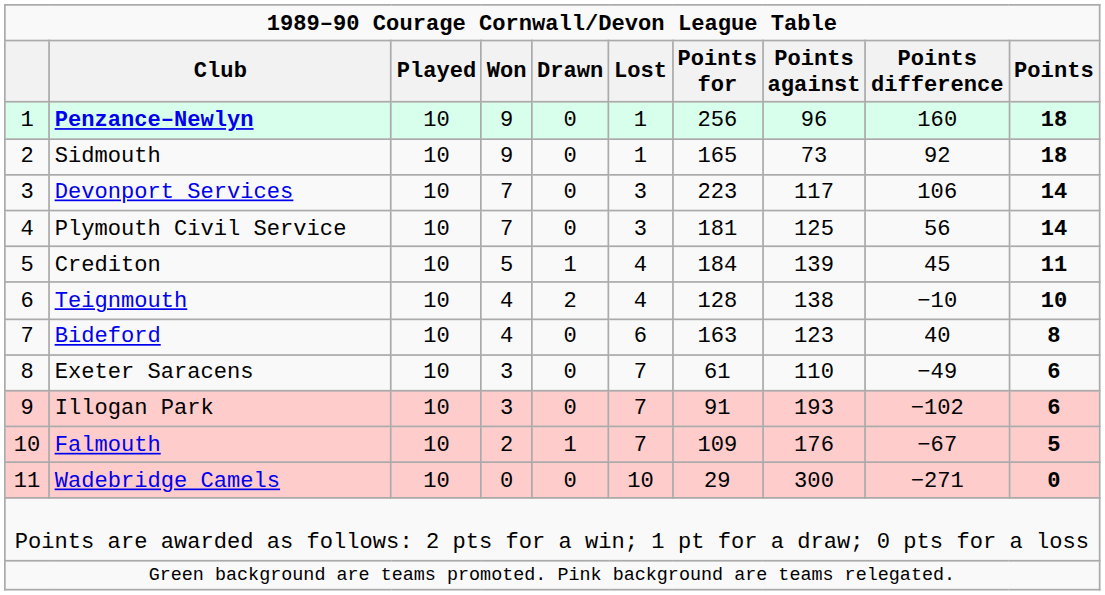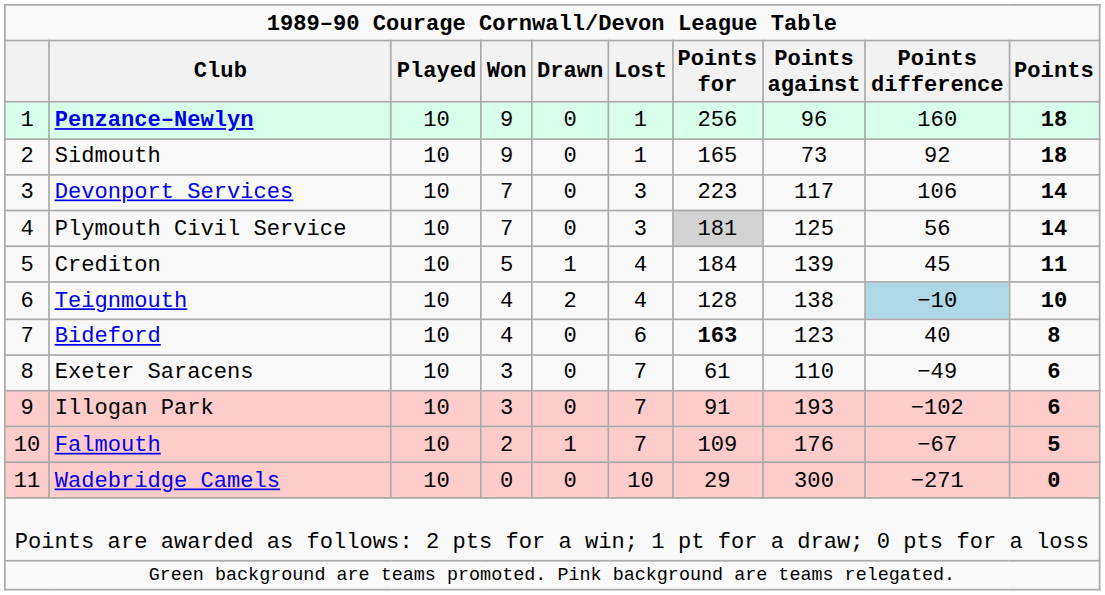 <table class="wikitable" style="text-align: center;">
 <tr>
 <td colspan="15" cellpadding="0" cellspacing="0"><strong>1989–90 Courage Cornwall/Devon League Table</strong></td>
 </tr>
 <tr>
 <th bgcolor="#efefef" width="20"></th>
 <th bgcolor="#efefef" width="195">Club</th>
 <th bgcolor="#efefef" width="20">Played</th>
 <th bgcolor="#efefef" width="20">Won</th>
 <th bgcolor="#efefef" width="20">Drawn</th>
 <th bgcolor="#efefef" width="20">Lost</th>
 <th bgcolor="#efefef" width="20">Points for</th>
 <th bgcolor="#efefef" width="20">Points against</th>
 <th bgcolor="#efefef" width="20">Points difference</th>
 <th bgcolor="#efefef" width="20">Points</th>
 </tr>
 <tr bgcolor=#d8ffeb align=center>
 <td>1</td>
 <td align=left><strong><a href='#'>Penzance–Newlyn</a></strong></td>
 <td>10</td>
 <td>9</td>
 <td>0</td>
 <td>1</td>
 <td>256</td>
 <td>96</td>
 <td>160</td>
 <td><strong>18</strong></td>
 </tr>
 <tr align=center>
 <td>2</td>
 <td align=left>Sidmouth</td>
 <td>10</td>
 <td>9</td>
 <td>0</td>
 <td>1</td>
 <td>165</td>
 <td>73</td>
 <td>92</td>
 <td><strong>18</strong></td>
 </tr>
 <tr>
 <td>3</td>
 <td align=left><a href='#'>Devonport Services</a></td>
 <td>10</td>
 <td>7</td>
 <td>0</td>
 <td>3</td>
 <td>223</td>
 <td>117</td>
 <td>106</td>
 <td><strong>14</strong></td>
 </tr>
 <tr>
 <td>4</td>
 <td align=left>Plymouth Civil Service</td>
 <td>10</td>
 <td>7</td>
 <td>0</td>
 <td>3</td>
-<td>181</td>
+<td style="background: lightgrey;">181</td>
 <td>125</td>
 <td>56</td>
 <td><strong>14</strong></td>
 </tr>
 <tr>
 <td>5</td>
 <td align=left>Crediton</td>
 <td>10</td>
 <td>5</td>
 <td>1</td>
 <td>4</td>
 <td>184</td>
 <td>139</td>
 <td>45</td>
 <td><strong>11</strong></td>
 </tr>
 <tr>
 <td>6</td>
 <td align=left><a href='#'>Teignmouth</a></td>
 <td>10</td>
 <td>4</td>
 <td>2</td>
 <td>4</td>
 <td>128</td>
 <td>138</td>
-<td>−10</td>
+<td style="background: lightblue;">−10</td>
 <td><strong>10</strong></td>
 </tr>
 <tr>
 <td>7</td>
 <td align=left><a href='#'>Bideford</a></td>
 <td>10</td>
 <td>4</td>
 <td>0</td>
 <td>6</td>
-<td>163</td>
+<td><strong>163</strong></td>
 <td>123</td>
 <td>40</td>
 <td><strong>8</strong></td>
 </tr>
 <tr>
 <td>8</td>
 <td align=left>Exeter Saracens</td>
 <td>10</td>
 <td>3</td>
 <td>0</td>
 <td>7</td>
 <td>61</td>
 <td>110</td>
 <td>−49</td>
 <td><strong>6</strong></td>
 </tr>
 <tr bgcolor=#ffcccc>
 <td>9</td>
 <td align=left>Illogan Park</td>
 <td>10</td>
 <td>3</td>
 <td>0</td>
 <td>7</td>
 <td>91</td>
 <td>193</td>
 <td>−102</td>
 <td><strong>6</strong></td>
 </tr>
 <tr bgcolor=#ffcccc>
 <td>10</td>
 <td align=left><a href='#'>Falmouth</a></td>
 <td>10</td>
 <td>2</td>
 <td>1</td>
 <td>7</td>
 <td>109</td>
 <td>176</td>
 <td>−67</td>
 <td><strong>5</strong></td>
 </tr>
 <tr bgcolor=#ffcccc>
 <td>11</td>
 <td align=left><a href='#'>Wadebridge Camels</a></td>
 <td>10</td>
 <td>0</td>
 <td>0</td>
 <td>10</td>
 <td>29</td>
 <td>300</td>
 <td>−271</td>
 <td><strong>0</strong></td>
 </tr>
 <tr>
 <td colspan="15"><br>Points are awarded as follows: 2 pts for a win; 1 pt for a draw; 0 pts for a loss</td>
 </tr>
 <tr>
 <td colspan="15" style="border:0px;font-size:smaller">Green background are teams promoted. Pink background are teams relegated.</td>
 </tr>
 </table>
